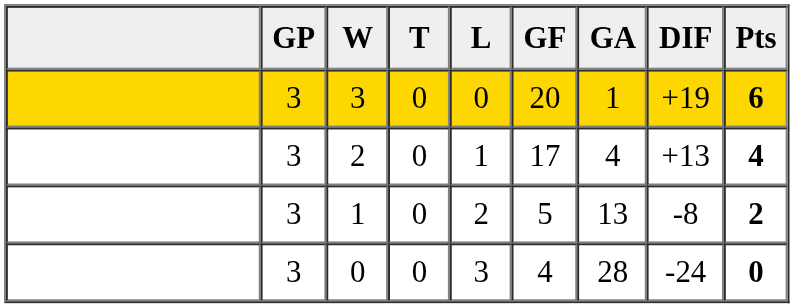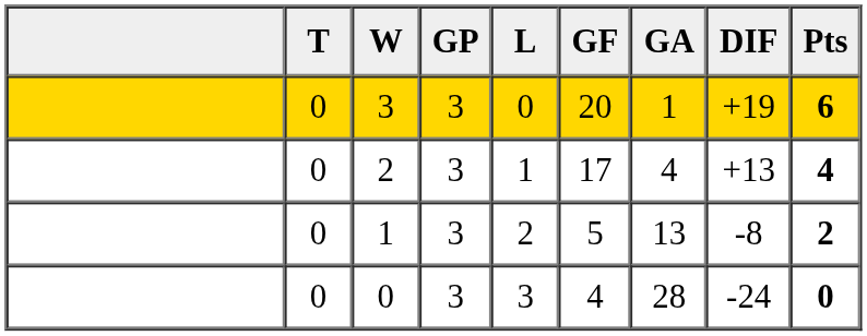 <table border=1 cellpadding=5 cellspacing=0>
 <tr>
 <th bgcolor="#efefef" width="120">　</th>
+<th bgcolor="#efefef" width="20">T</th>
+<th bgcolor="#efefef" width="20">W</th>
 <th bgcolor="#efefef" width="20">GP</th>
-<th bgcolor="#efefef" width="20">W</th>
-<th bgcolor="#efefef" width="20">T</th>
 <th bgcolor="#efefef" width="20">L</th>
 <th bgcolor="#efefef" width="20">GF</th>
 <th bgcolor="#efefef" width="20">GA</th>
 <th bgcolor="#efefef" width="20">DIF</th>
 <th bgcolor="#efefef" width="20">Pts</th>
 </tr>
 <tr align=center bgcolor= gold>
 <td align=left><strong></strong></td>
+<td>0</td>
 <td>3</td>
 <td>3</td>
-<td>0</td>
 <td>0</td>
 <td>20</td>
 <td>1</td>
 <td>+19</td>
 <td><strong>6</strong></td>
 </tr>
 <tr align=center>
 <td align=left></td>
+<td>0</td>
+<td>2</td>
 <td>3</td>
-<td>2</td>
-<td>0</td>
 <td>1</td>
 <td>17</td>
 <td>4</td>
 <td>+13</td>
 <td><strong>4</strong></td>
 </tr>
 <tr align=center>
 <td align=left></td>
+<td>0</td>
+<td>1</td>
 <td>3</td>
-<td>1</td>
-<td>0</td>
 <td>2</td>
 <td>5</td>
 <td>13</td>
 <td>-8</td>
 <td><strong>2</strong></td>
 </tr>
 <tr align=center>
 <td align=left></td>
-<td>3</td>
 <td>0</td>
 <td>0</td>
+<td>3</td>
 <td>3</td>
 <td>4</td>
 <td>28</td>
 <td>-24</td>
 <td><strong>0</strong></td>
 </tr>
 </table>
